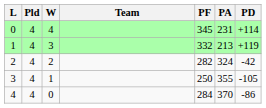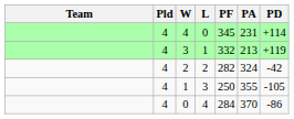 <table class=wikitable style="text-align:center">
 <tr>
-<th width=20>L</th>
+<th width=200>Team</th>
 <th width=20>Pld</th>
 <th width=20>W</th>
-<th width=200>Team</th>
+<th width=20>L</th>
 <th width=20>PF</th>
 <th width=20>PA</th>
 <th width=30>PD</th>
 </tr>
 <tr bgcolor=#aaffaa>
-<td>0</td>
+<td align=left></td>
 <td>4</td>
 <td>4</td>
-<td align=left></td>
+<td>0</td>
 <td>345</td>
 <td>231</td>
 <td>+114</td>
 </tr>
 <tr bgcolor=#aaffaa>
-<td>1</td>
+<td align=left></td>
 <td>4</td>
 <td>3</td>
-<td align=left></td>
+<td>1</td>
 <td>332</td>
 <td>213</td>
 <td>+119</td>
 </tr>
 <tr bgcolor=>
-<td>2</td>
+<td align=left></td>
 <td>4</td>
 <td>2</td>
-<td align=left></td>
+<td>2</td>
 <td>282</td>
 <td>324</td>
 <td>-42</td>
 </tr>
 <tr bgcolor=>
-<td>3</td>
+<td align=left></td>
 <td>4</td>
 <td>1</td>
-<td align=left></td>
+<td>3</td>
 <td>250</td>
 <td>355</td>
 <td>-105</td>
 </tr>
 <tr bgcolor=>
-<td>4</td>
+<td align=left></td>
 <td>4</td>
 <td>0</td>
-<td align=left></td>
+<td>4</td>
 <td>284</td>
 <td>370</td>
 <td>-86</td>
 </tr>
 </table>
